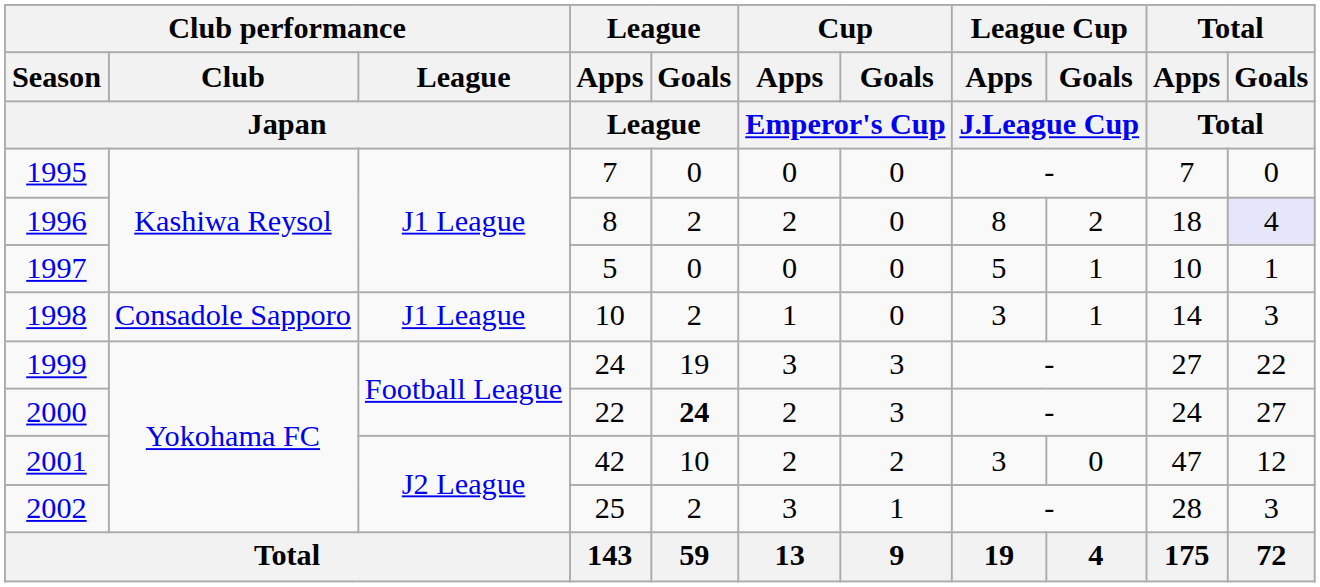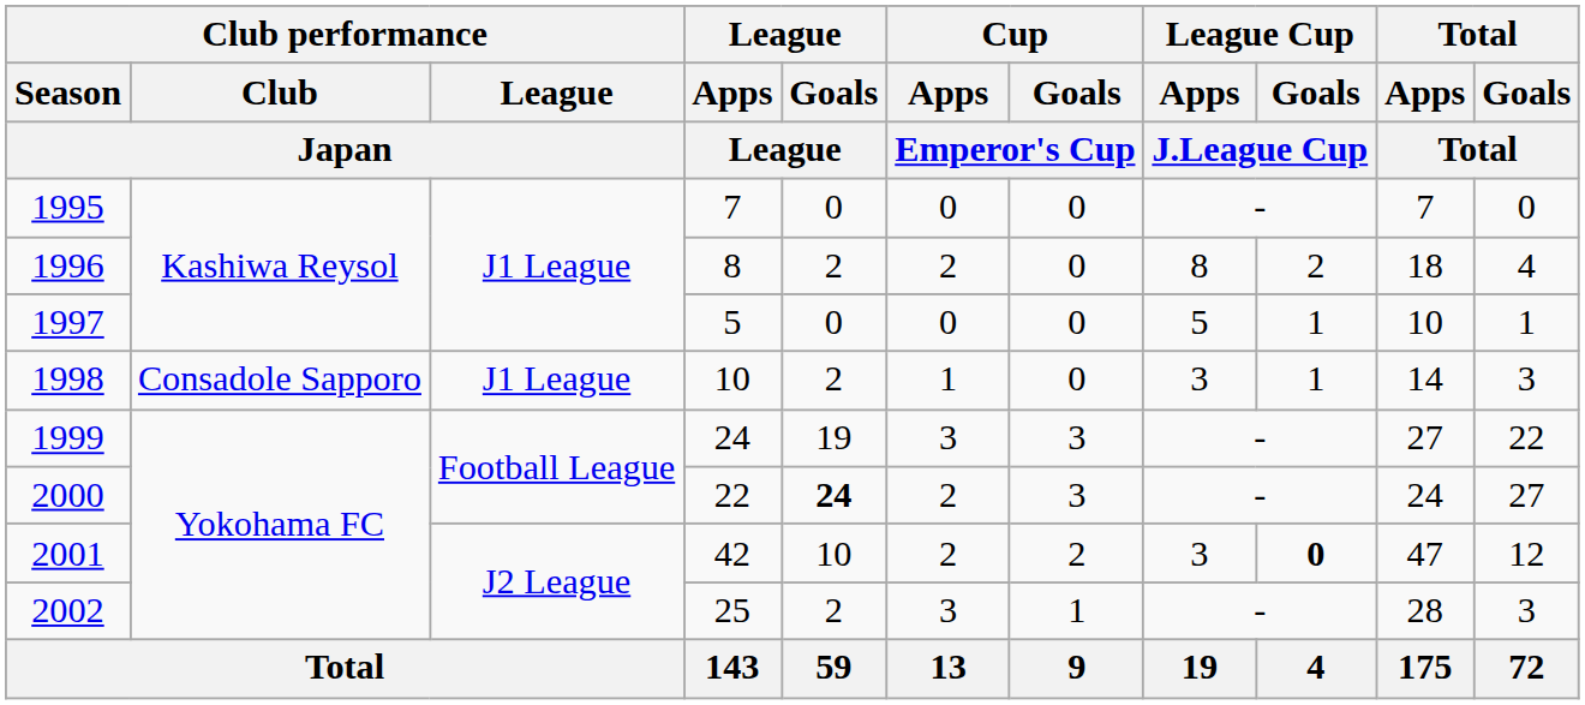 <table class="wikitable" style="text-align:center;">
 <tr>
 <th colspan=3>Club performance</th>
 <th colspan=2>League</th>
 <th colspan=2>Cup</th>
 <th colspan=2>League Cup</th>
 <th colspan=2>Total</th>
 </tr>
 <tr>
 <th>Season</th>
 <th>Club</th>
 <th>League</th>
 <th>Apps</th>
 <th>Goals</th>
 <th>Apps</th>
 <th>Goals</th>
 <th>Apps</th>
 <th>Goals</th>
 <th>Apps</th>
 <th>Goals</th>
 </tr>
 <tr>
 <th colspan=3>Japan</th>
 <th colspan=2>League</th>
 <th colspan=2><a href='#'>Emperor's Cup</a></th>
 <th colspan=2><a href='#'>J.League Cup</a></th>
 <th colspan=2>Total</th>
 </tr>
 <tr>
 <td><a href='#'>1995</a></td>
 <td rowspan="3"><a href='#'>Kashiwa Reysol</a></td>
 <td rowspan="3"><a href='#'>J1 League</a></td>
 <td>7</td>
 <td>0</td>
 <td>0</td>
 <td>0</td>
 <td colspan="2">-</td>
 <td>7</td>
 <td>0</td>
 </tr>
 <tr>
 <td><a href='#'>1996</a></td>
 <td>8</td>
 <td>2</td>
 <td>2</td>
 <td>0</td>
 <td>8</td>
 <td>2</td>
 <td>18</td>
-<td style="background: lavender;">4</td>
+<td>4</td>
 </tr>
 <tr>
 <td><a href='#'>1997</a></td>
 <td>5</td>
 <td>0</td>
 <td>0</td>
 <td>0</td>
 <td>5</td>
 <td>1</td>
 <td>10</td>
 <td>1</td>
 </tr>
 <tr>
 <td><a href='#'>1998</a></td>
 <td><a href='#'>Consadole Sapporo</a></td>
 <td><a href='#'>J1 League</a></td>
 <td>10</td>
 <td>2</td>
 <td>1</td>
 <td>0</td>
 <td>3</td>
 <td>1</td>
 <td>14</td>
 <td>3</td>
 </tr>
 <tr>
 <td><a href='#'>1999</a></td>
 <td rowspan="4"><a href='#'>Yokohama FC</a></td>
 <td rowspan="2"><a href='#'>Football League</a></td>
 <td>24</td>
 <td>19</td>
 <td>3</td>
 <td>3</td>
 <td colspan="2">-</td>
 <td>27</td>
 <td>22</td>
 </tr>
 <tr>
 <td><a href='#'>2000</a></td>
 <td>22</td>
 <td><strong>24</strong></td>
 <td>2</td>
 <td>3</td>
 <td colspan="2">-</td>
 <td>24</td>
 <td>27</td>
 </tr>
 <tr>
 <td><a href='#'>2001</a></td>
 <td rowspan="2"><a href='#'>J2 League</a></td>
 <td>42</td>
 <td>10</td>
 <td>2</td>
 <td>2</td>
 <td>3</td>
-<td>0</td>
+<td><strong>0</strong></td>
 <td>47</td>
 <td>12</td>
 </tr>
 <tr>
 <td><a href='#'>2002</a></td>
 <td>25</td>
 <td>2</td>
 <td>3</td>
 <td>1</td>
 <td colspan="2">-</td>
 <td>28</td>
 <td>3</td>
 </tr>
 <tr>
 <th colspan=3>Total</th>
 <th>143</th>
 <th>59</th>
 <th>13</th>
 <th>9</th>
 <th>19</th>
 <th>4</th>
 <th>175</th>
 <th>72</th>
 </tr>
 </table>
